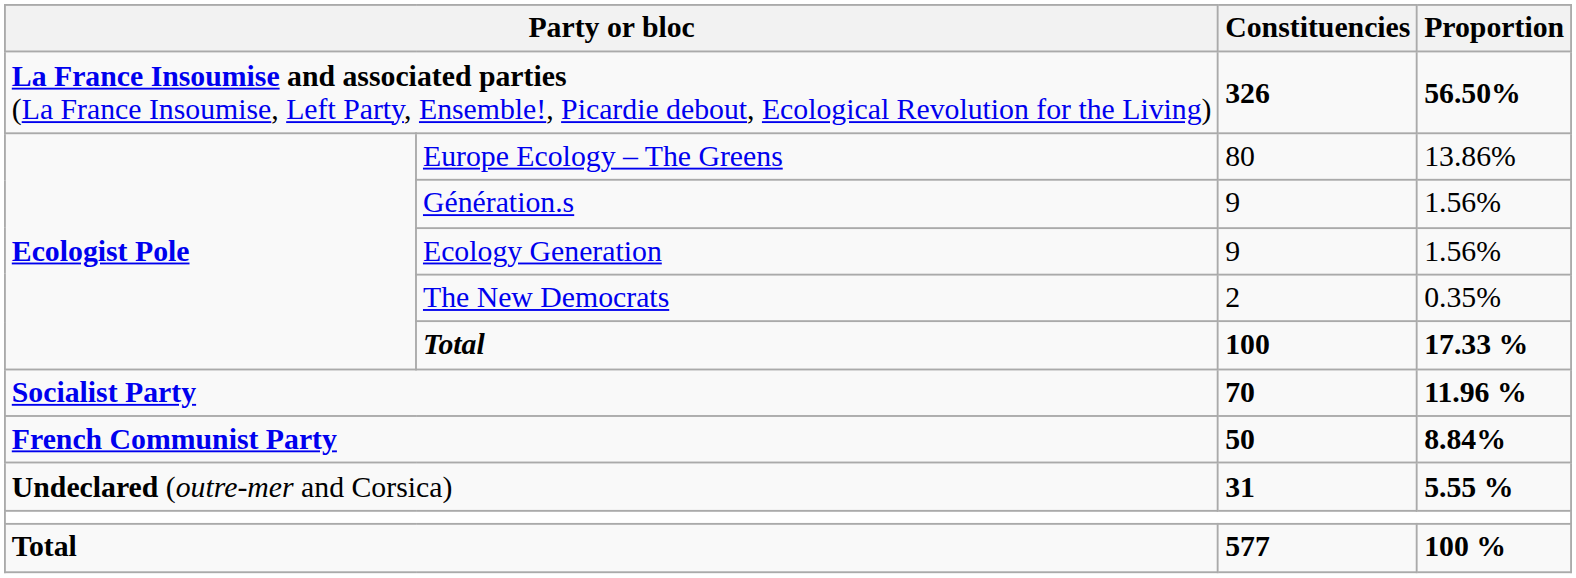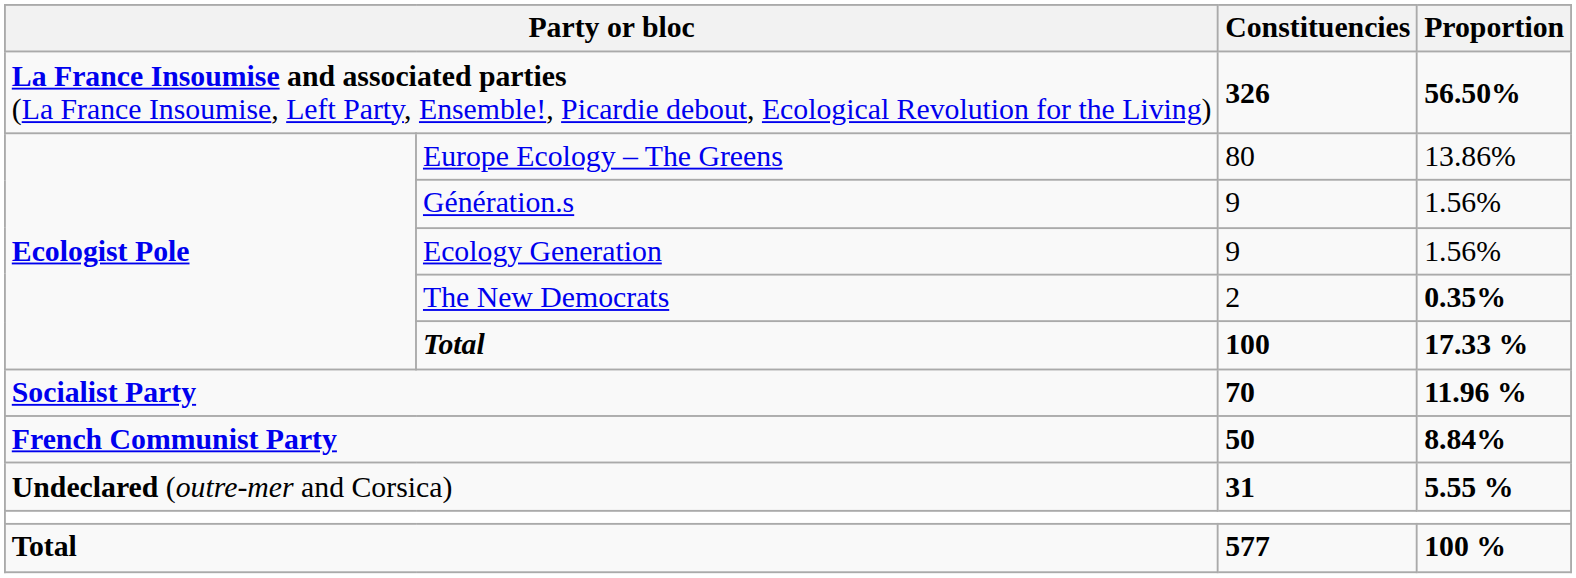 <table class="wikitable">
 <tr>
 <th scope=col colspan="2">Party or bloc</th>
 <th scope=col>Constituencies</th>
 <th scope=col>Proportion</th>
 </tr>
 <tr>
 <td colspan="2"><strong><a href='#'>La France Insoumise</a> and associated parties</strong><br>(<a href='#'>La France Insoumise</a>, <a href='#'>Left Party</a>, <a href='#'>Ensemble!</a>, <a href='#'>Picardie debout</a>, <a href='#'>Ecological Revolution for the Living</a>)</td>
 <td><strong>326</strong></td>
 <td><strong>56.50%</strong></td>
 </tr>
 <tr>
 <td rowspan="5"><strong><a href='#'>Ecologist Pole</a></strong></td>
 <td><a href='#'>Europe Ecology – The Greens</a></td>
 <td>80</td>
 <td>13.86%</td>
 </tr>
 <tr>
 <td><a href='#'>Génération.s</a></td>
 <td>9</td>
 <td>1.56%</td>
 </tr>
 <tr>
 <td><a href='#'>Ecology Generation</a></td>
 <td>9</td>
 <td>1.56%</td>
 </tr>
 <tr>
 <td><a href='#'>The New Democrats</a></td>
 <td>2</td>
-<td>0.35%</td>
+<td><strong>0.35%</strong></td>
 </tr>
 <tr>
 <td><strong><em>Total</em></strong></td>
 <td><strong>100</strong></td>
 <td><strong>17.33 %</strong></td>
 </tr>
 <tr>
 <td colspan="2"><strong><a href='#'>Socialist Party</a></strong></td>
 <td><strong>70</strong></td>
 <td><strong>11.96 %</strong></td>
 </tr>
 <tr>
 <td colspan="2"><strong><a href='#'>French Communist Party</a></strong></td>
 <td><strong>50</strong></td>
 <td><strong>8.84%</strong></td>
 </tr>
 <tr>
 <td colspan="2"><strong>Undeclared</strong> (<em>outre-mer</em> and Corsica)</td>
 <td><strong>31</strong></td>
 <td><strong>5.55 %</strong></td>
 </tr>
 <tr style="background:#FFF">
 <td colspan="4"></td>
 </tr>
 <tr>
 <td colspan="2"><strong>Total</strong></td>
 <td><strong>577</strong></td>
 <td><strong>100 %</strong></td>
 </tr>
 </table>
